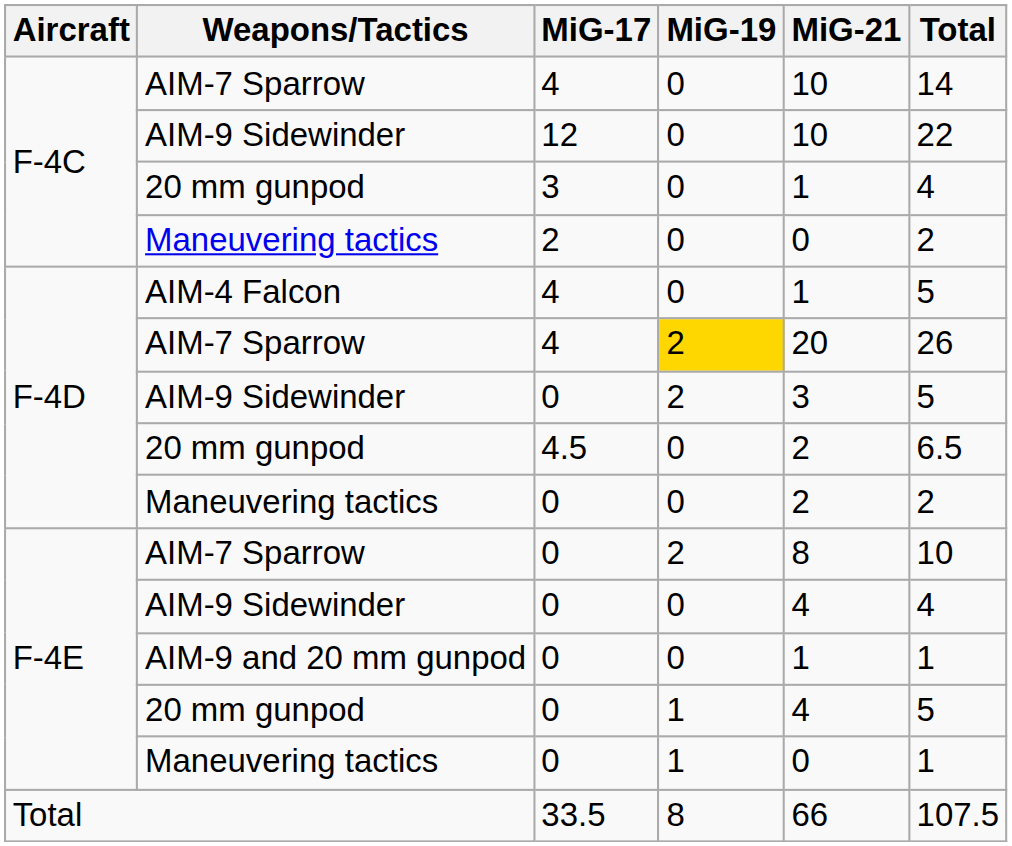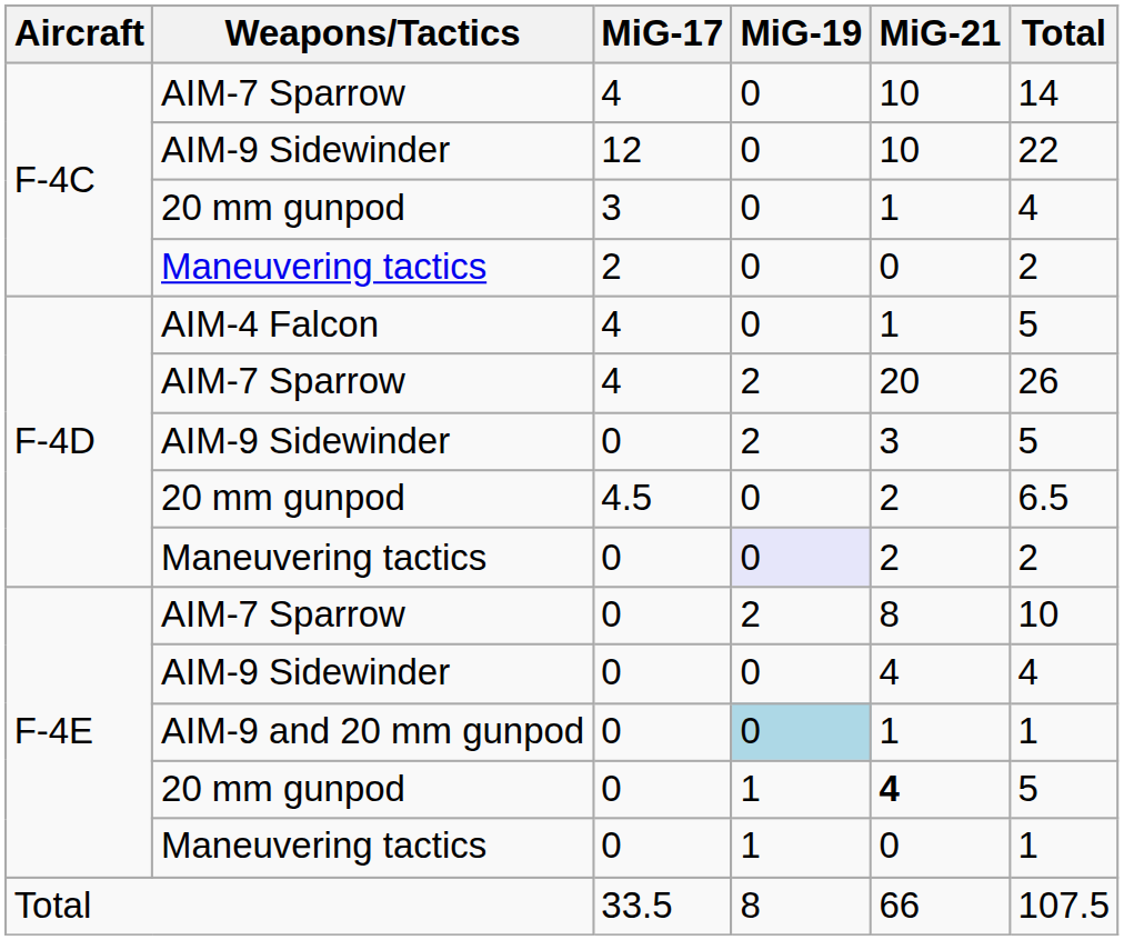 <table class="wikitable floatright">
 <tr>
 <th>Aircraft</th>
 <th>Weapons/Tactics</th>
 <th>MiG-17</th>
 <th>MiG-19</th>
 <th>MiG-21</th>
 <th>Total</th>
 </tr>
 <tr>
 <td rowspan=4>F-4C</td>
 <td>AIM-7 Sparrow</td>
 <td>4</td>
 <td>0</td>
 <td>10</td>
 <td>14</td>
 </tr>
 <tr>
 <td>AIM-9 Sidewinder</td>
 <td>12</td>
 <td>0</td>
 <td>10</td>
 <td>22</td>
 </tr>
 <tr>
 <td>20 mm gunpod</td>
 <td>3</td>
 <td>0</td>
 <td>1</td>
 <td>4</td>
 </tr>
 <tr>
 <td><a href='#'>Maneuvering tactics</a></td>
 <td>2</td>
 <td>0</td>
 <td>0</td>
 <td>2</td>
 </tr>
 <tr>
 <td rowspan=5>F-4D</td>
 <td>AIM-4 Falcon</td>
 <td>4</td>
 <td>0</td>
 <td>1</td>
 <td>5</td>
 </tr>
 <tr>
 <td>AIM-7 Sparrow</td>
 <td>4</td>
-<td style="background: gold;">2</td>
+<td>2</td>
 <td>20</td>
 <td>26</td>
 </tr>
 <tr>
 <td>AIM-9 Sidewinder</td>
 <td>0</td>
 <td>2</td>
 <td>3</td>
 <td>5</td>
 </tr>
 <tr>
 <td>20 mm gunpod</td>
 <td>4.5</td>
 <td>0</td>
 <td>2</td>
 <td>6.5</td>
 </tr>
 <tr>
 <td>Maneuvering tactics</td>
 <td>0</td>
-<td>0</td>
+<td style="background: lavender;">0</td>
 <td>2</td>
 <td>2</td>
 </tr>
 <tr>
 <td rowspan=5>F-4E</td>
 <td>AIM-7 Sparrow</td>
 <td>0</td>
 <td>2</td>
 <td>8</td>
 <td>10</td>
 </tr>
 <tr>
 <td>AIM-9 Sidewinder</td>
 <td>0</td>
 <td>0</td>
 <td>4</td>
 <td>4</td>
 </tr>
 <tr>
 <td>AIM-9 and 20 mm gunpod</td>
 <td>0</td>
-<td>0</td>
+<td style="background: lightblue;">0</td>
 <td>1</td>
 <td>1</td>
 </tr>
 <tr>
 <td>20 mm gunpod</td>
 <td>0</td>
 <td>1</td>
-<td>4</td>
+<td><strong>4</strong></td>
 <td>5</td>
 </tr>
 <tr>
 <td>Maneuvering tactics</td>
 <td>0</td>
 <td>1</td>
 <td>0</td>
 <td>1</td>
 </tr>
 <tr>
 <td colspan=2>Total</td>
 <td>33.5</td>
 <td>8</td>
 <td>66</td>
 <td>107.5</td>
 </tr>
 </table>
